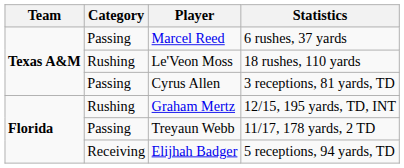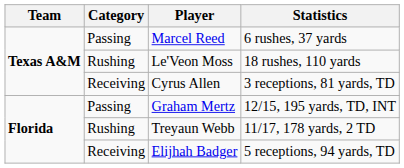 <table class="wikitable" style="float: right;">
 <tr>
 <th>Team</th>
 <th>Category</th>
 <th>Player</th>
 <th>Statistics</th>
 </tr>
 <tr>
 <td rowspan=3><strong>Texas A&M</strong></td>
 <td>Passing</td>
 <td><a href='#'>Marcel Reed</a></td>
 <td>6 rushes, 37 yards</td>
 </tr>
 <tr>
 <td>Rushing</td>
 <td>Le'Veon Moss</td>
 <td>18 rushes, 110 yards</td>
 </tr>
 <tr>
-<td>Passing</td>
+<td>Receiving</td>
 <td>Cyrus Allen</td>
 <td>3 receptions, 81 yards, TD</td>
 </tr>
 <tr>
 <td rowspan=3><strong>Florida</strong></td>
-<td>Rushing</td>
+<td>Passing</td>
 <td><a href='#'>Graham Mertz</a></td>
 <td>12/15, 195 yards, TD, INT</td>
 </tr>
 <tr>
-<td>Passing</td>
+<td>Rushing</td>
 <td>Treyaun Webb</td>
 <td>11/17, 178 yards, 2 TD</td>
 </tr>
 <tr>
 <td>Receiving</td>
 <td><a href='#'>Elijhah Badger</a></td>
 <td>5 receptions, 94 yards, TD</td>
 </tr>
 </table>
